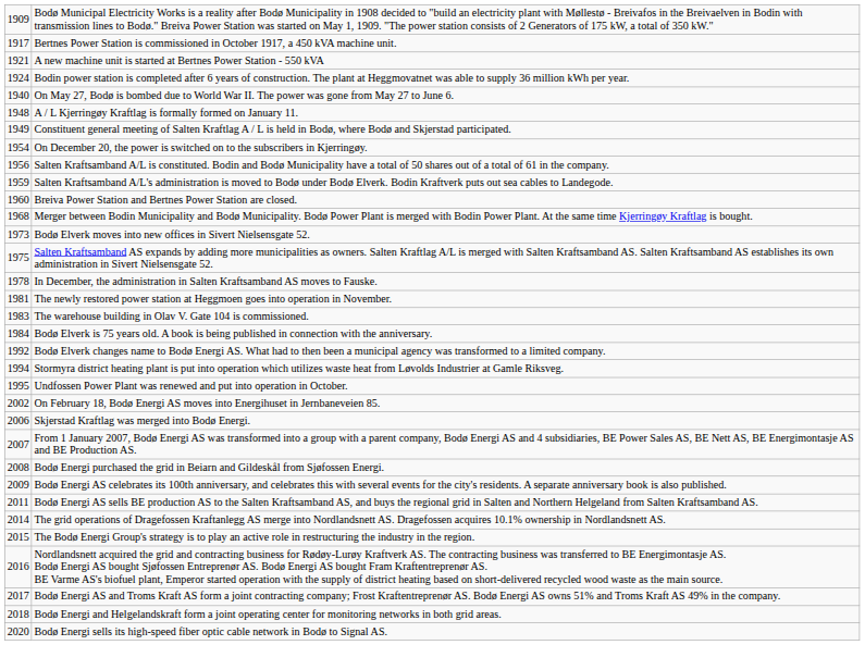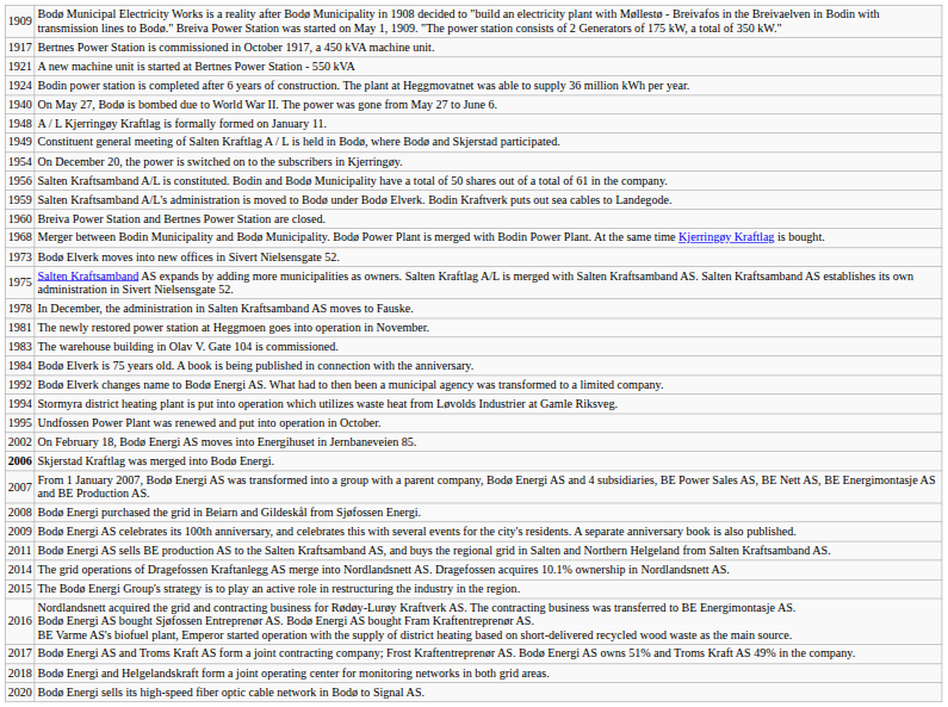 <table class="wikitable">
 <tr>
 <td>1909</td>
 <td>Bodø Municipal Electricity Works is a reality after Bodø Municipality in 1908 decided to "build an electricity plant with Møllestø - Breivafos in the Breivaelven in Bodin with transmission lines to Bodø." Breiva Power Station was started on May 1, 1909. "The power station consists of 2 Generators of 175 kW, a total of 350 kW."</td>
 </tr>
 <tr>
 <td>1917</td>
 <td>Bertnes Power Station is commissioned in October 1917, a 450 kVA machine unit.</td>
 </tr>
 <tr>
 <td>1921</td>
 <td>A new machine unit is started at Bertnes Power Station - 550 kVA</td>
 </tr>
 <tr>
 <td>1924</td>
 <td>Bodin power station is completed after 6 years of construction. The plant at Heggmovatnet was able to supply 36 million kWh per year.</td>
 </tr>
 <tr>
 <td>1940</td>
 <td>On May 27, Bodø is bombed due to World War II. The power was gone from May 27 to June 6.</td>
 </tr>
 <tr>
 <td>1948</td>
 <td>A / L Kjerringøy Kraftlag is formally formed on January 11.</td>
 </tr>
 <tr>
 <td>1949</td>
 <td>Constituent general meeting of Salten Kraftlag A / L is held in Bodø, where Bodø and Skjerstad participated.</td>
 </tr>
 <tr>
 <td>1954</td>
 <td>On December 20, the power is switched on to the subscribers in Kjerringøy.</td>
 </tr>
 <tr>
 <td>1956</td>
 <td>Salten Kraftsamband A/L is constituted. Bodin and Bodø Municipality have a total of 50 shares out of a total of 61 in the company.</td>
 </tr>
 <tr>
 <td>1959</td>
 <td>Salten Kraftsamband A/L's administration is moved to Bodø under Bodø Elverk. Bodin Kraftverk puts out sea cables to Landegode.</td>
 </tr>
 <tr>
 <td>1960</td>
 <td>Breiva Power Station and Bertnes Power Station are closed.</td>
 </tr>
 <tr>
 <td>1968</td>
 <td>Merger between Bodin Municipality and Bodø Municipality. Bodø Power Plant is merged with Bodin Power Plant. At the same time <a href='#'>Kjerringøy Kraftlag</a> is bought.</td>
 </tr>
 <tr>
 <td>1973</td>
 <td>Bodø Elverk moves into new offices in Sivert Nielsensgate 52.</td>
 </tr>
 <tr>
 <td>1975</td>
 <td><a href='#'>Salten Kraftsamband</a> AS expands by adding more municipalities as owners. Salten Kraftlag A/L is merged with Salten Kraftsamband AS. Salten Kraftsamband AS establishes its own administration in Sivert Nielsensgate 52.</td>
 </tr>
 <tr>
 <td>1978</td>
 <td>In December, the administration in Salten Kraftsamband AS moves to Fauske.</td>
 </tr>
 <tr>
 <td>1981</td>
 <td>The newly restored power station at Heggmoen goes into operation in November.</td>
 </tr>
 <tr>
 <td>1983</td>
 <td>The warehouse building in Olav V. Gate 104 is commissioned.</td>
 </tr>
 <tr>
 <td>1984</td>
 <td>Bodø Elverk is 75 years old. A book is being published in connection with the anniversary.</td>
 </tr>
 <tr>
 <td>1992</td>
 <td>Bodø Elverk changes name to Bodø Energi AS. What had to then been a municipal agency was transformed to a limited company.</td>
 </tr>
 <tr>
 <td>1994</td>
 <td>Stormyra district heating plant is put into operation which utilizes waste heat from Løvolds Industrier at Gamle Riksveg.</td>
 </tr>
 <tr>
 <td>1995</td>
 <td>Undfossen Power Plant was renewed and put into operation in October.</td>
 </tr>
 <tr>
 <td>2002</td>
 <td>On February 18, Bodø Energi AS moves into Energihuset in Jernbaneveien 85.</td>
 </tr>
 <tr>
-<td>2006</td>
+<td><strong>2006</strong></td>
 <td>Skjerstad Kraftlag was merged into Bodø Energi.</td>
 </tr>
 <tr>
 <td>2007</td>
 <td>From 1 January 2007, Bodø Energi AS was transformed into a group with a parent company, Bodø Energi AS and 4 subsidiaries, BE Power Sales AS, BE Nett AS, BE Energimontasje AS and BE Production AS.</td>
 </tr>
 <tr>
 <td>2008</td>
 <td>Bodø Energi purchased the grid in Beiarn and Gildeskål from Sjøfossen Energi.</td>
 </tr>
 <tr>
 <td>2009</td>
 <td>Bodø Energi AS celebrates its 100th anniversary, and celebrates this with several events for the city's residents. A separate anniversary book is also published.</td>
 </tr>
 <tr>
 <td>2011</td>
 <td>Bodø Energi AS sells BE production AS to the Salten Kraftsamband AS, and buys the regional grid in Salten and Northern Helgeland from Salten Kraftsamband AS.</td>
 </tr>
 <tr>
 <td>2014</td>
 <td>The grid operations of Dragefossen Kraftanlegg AS merge into Nordlandsnett AS. Dragefossen acquires 10.1% ownership in Nordlandsnett AS.</td>
 </tr>
 <tr>
 <td>2015</td>
 <td>The Bodø Energi Group's strategy is to play an active role in restructuring the industry in the region.</td>
 </tr>
 <tr>
 <td>2016</td>
 <td>Nordlandsnett acquired the grid and contracting business for Rødøy-Lurøy Kraftverk AS. The contracting business was transferred to BE Energimontasje AS.<br>Bodø Energi AS bought Sjøfossen Entreprenør AS. Bodø Energi AS bought Fram Kraftentreprenør AS.<br>BE Varme AS's biofuel plant, Emperor started operation with the supply of district heating based on short-delivered recycled wood waste as the main source.</td>
 </tr>
 <tr>
 <td>2017</td>
 <td>Bodø Energi AS and Troms Kraft AS form a joint contracting company; Frost Kraftentreprenør AS. Bodø Energi AS owns 51% and Troms Kraft AS 49% in the company.</td>
 </tr>
 <tr>
 <td>2018</td>
 <td>Bodø Energi and Helgelandskraft form a joint operating center for monitoring networks in both grid areas.</td>
 </tr>
 <tr>
 <td>2020</td>
 <td>Bodø Energi sells its high-speed fiber optic cable network in Bodø to Signal AS.</td>
 </tr>
 </table>
